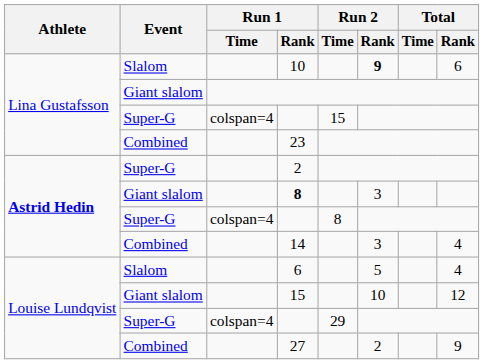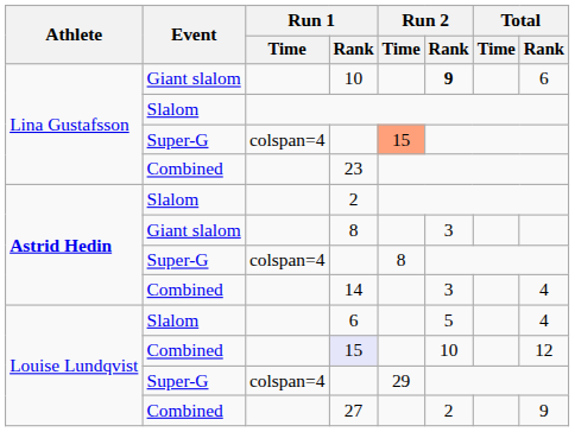 <table class="wikitable" style="font-size:90%">
 <tr>
 <th rowspan=2>Athlete</th>
 <th rowspan=2>Event</th>
 <th colspan=2>Run 1</th>
 <th colspan=2>Run 2</th>
 <th colspan=2>Total</th>
 </tr>
 <tr style="font-size:95%">
 <th>Time</th>
 <th>Rank</th>
 <th>Time</th>
 <th>Rank</th>
 <th>Time</th>
 <th>Rank</th>
 </tr>
 <tr align=center>
 <td align="left" rowspan=4><a href='#'>Lina Gustafsson</a></td>
-<td align="left"><a href='#'>Slalom</a></td>
+<td align="left"><a href='#'>Giant slalom</a></td>
 <td></td>
 <td>10</td>
 <td></td>
 <td><strong>9</strong></td>
 <td></td>
 <td>6</td>
 </tr>
 <tr align=center>
-<td align="left"><a href='#'>Giant slalom</a></td>
+<td align="left"><a href='#'>Slalom</a></td>
 <td colspan=6></td>
 </tr>
 <tr align=center>
 <td align="left"><a href='#'>Super-G</a></td>
 <td>colspan=4 </td>
 <td></td>
-<td>15</td>
+<td style="background: lightsalmon;">15</td>
 </tr>
 <tr align=center>
 <td align="left"><a href='#'>Combined</a></td>
 <td></td>
 <td>23</td>
 <td colspan=4></td>
 </tr>
 <tr align=center>
 <td align="left" rowspan=4><strong><a href='#'>Astrid Hedin</a></strong></td>
-<td align="left"><a href='#'>Super-G</a></td>
+<td align="left"><a href='#'>Slalom</a></td>
 <td></td>
 <td>2</td>
 <td colspan=4></td>
 </tr>
 <tr align=center>
 <td align="left"><a href='#'>Giant slalom</a></td>
 <td></td>
-<td><strong>8</strong></td>
+<td>8</td>
 <td></td>
 <td>3</td>
 <td></td>
 <td></td>
 </tr>
 <tr align=center>
 <td align="left"><a href='#'>Super-G</a></td>
 <td>colspan=4 </td>
 <td></td>
 <td>8</td>
 </tr>
 <tr align=center>
 <td align="left"><a href='#'>Combined</a></td>
 <td></td>
 <td>14</td>
 <td></td>
 <td>3</td>
 <td></td>
 <td>4</td>
 </tr>
 <tr align=center>
 <td align="left" rowspan=4><a href='#'>Louise Lundqvist</a></td>
 <td align="left"><a href='#'>Slalom</a></td>
 <td></td>
 <td>6</td>
 <td></td>
 <td>5</td>
 <td></td>
 <td>4</td>
 </tr>
 <tr align=center>
-<td align="left"><a href='#'>Giant slalom</a></td>
+<td align="left"><a href='#'>Combined</a></td>
 <td></td>
-<td>15</td>
+<td style="background: lavender;">15</td>
 <td></td>
 <td>10</td>
 <td></td>
 <td>12</td>
 </tr>
 <tr align=center>
 <td align="left"><a href='#'>Super-G</a></td>
 <td>colspan=4 </td>
 <td></td>
 <td>29</td>
 </tr>
 <tr align=center>
 <td align="left"><a href='#'>Combined</a></td>
 <td></td>
 <td>27</td>
 <td></td>
 <td>2</td>
 <td></td>
 <td>9</td>
 </tr>
 </table>
